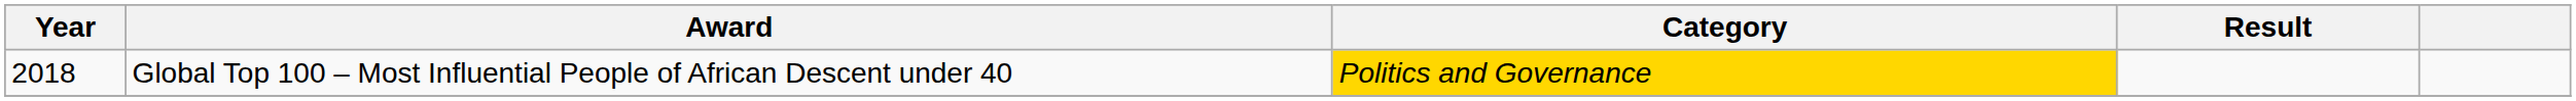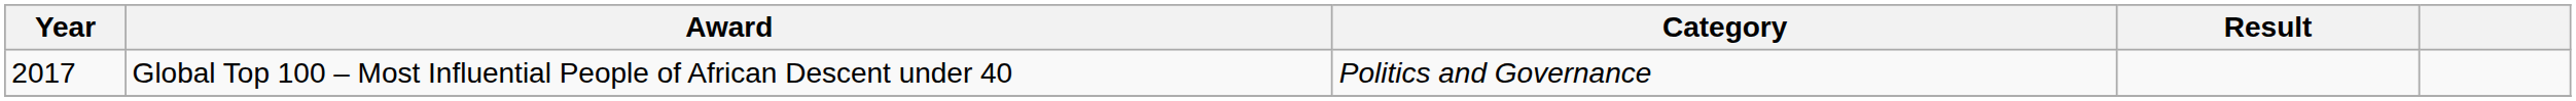 <table class=wikitable style="width:90%;">
 <tr>
 <th width=4%>Year</th>
 <th width=40%>Award</th>
 <th width=26%>Category</th>
 <th width=10%>Result</th>
 <th width=5%></th>
 </tr>
 <tr>
-<td>2018</td>
+<td>2017</td>
 <td>Global Top 100 – Most Influential People of African Descent under 40</td>
-<td style="background: gold;"><em>Politics and Governance</em></td>
+<td><em>Politics and Governance</em></td>
 <td></td>
 <td></td>
 </tr>
 <tr>
 </tr>
 </table>
